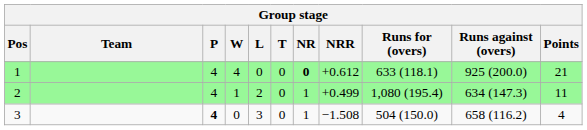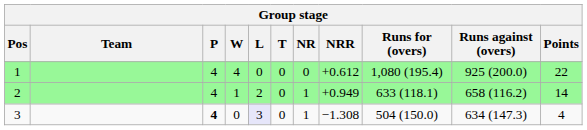 <table class="wikitable" style="text-align:center">
 <tr>
 <th colspan=12>Group stage</th>
 </tr>
 <tr>
 <th width="20">Pos</th>
 <th width="200">Team</th>
 <th width="20">P</th>
 <th width="20">W</th>
 <th width="20">L</th>
 <th width="20">T</th>
 <th width="20">NR</th>
 <th width="20">NRR</th>
 <th width="100">Runs for (overs)</th>
 <th width="100">Runs against (overs)</th>
 <th width="20">Points</th>
 </tr>
 <tr style="background:#98F898">
 <td>1</td>
 <td style="text-align:left"></td>
 <td>4</td>
 <td>4</td>
 <td>0</td>
 <td>0</td>
-<td><strong>0</strong></td>
+<td>0</td>
 <td>+0.612</td>
-<td>633 (118.1)</td>
+<td>1,080 (195.4)</td>
 <td>925 (200.0)</td>
-<td>21</td>
+<td>22</td>
 </tr>
 <tr style="background:#98F898">
 <td>2</td>
 <td style="text-align:left"></td>
 <td>4</td>
 <td>1</td>
 <td>2</td>
 <td>0</td>
 <td>1</td>
-<td>+0.499</td>
-<td>1,080 (195.4)</td>
-<td>634 (147.3)</td>
-<td>11</td>
+<td>+0.949</td>
+<td>633 (118.1)</td>
+<td>658 (116.2)</td>
+<td>14</td>
 </tr>
 <tr>
 <td>3</td>
 <td style="text-align:left"></td>
 <td><strong>4</strong></td>
 <td>0</td>
-<td>3</td>
+<td style="background: lavender;">3</td>
 <td>0</td>
 <td>1</td>
-<td>−1.508</td>
+<td>−1.308</td>
 <td>504 (150.0)</td>
-<td>658 (116.2)</td>
+<td>634 (147.3)</td>
 <td>4</td>
 </tr>
 </table>
